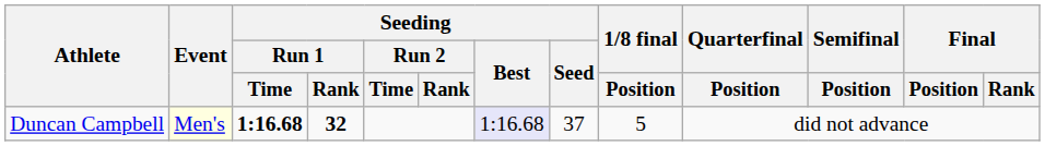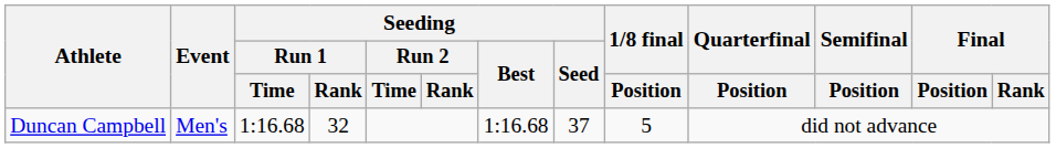 <table class="wikitable" style="font-size:90%;text-align:center;">
 <tr>
 <th rowspan=3>Athlete</th>
 <th rowspan=3>Event</th>
 <th colspan=6>Seeding</th>
 <th rowspan=2>1/8 final</th>
 <th rowspan=2>Quarterfinal</th>
 <th rowspan=2>Semifinal</th>
 <th rowspan=2 colspan=2>Final</th>
 </tr>
 <tr style=font-size:95%>
 <th colspan=2>Run 1</th>
 <th colspan=2>Run 2</th>
 <th rowspan=2>Best</th>
 <th rowspan=2>Seed</th>
 </tr>
 <tr style=font-size:95%>
 <th>Time</th>
 <th>Rank</th>
 <th>Time</th>
 <th>Rank</th>
 <th>Position</th>
 <th>Position</th>
 <th>Position</th>
 <th>Position</th>
 <th>Rank</th>
 </tr>
 <tr>
 <td style="text-align:left;"><a href='#'>Duncan Campbell</a></td>
-<td style="background: lightyellow; text-align:left;"><a href='#'>Men's</a></td>
-<td><strong>1:16.68</strong></td>
-<td><strong>32</strong></td>
+<td style="text-align:left;"><a href='#'>Men's</a></td>
+<td>1:16.68</td>
+<td>32</td>
 <td colspan=2></td>
-<td style="background: lavender;">1:16.68</td>
+<td>1:16.68</td>
 <td>37</td>
 <td>5</td>
 <td colspan=4>did not advance</td>
 </tr>
 </table>
